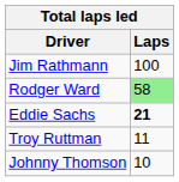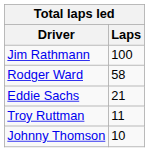 <table class="wikitable">
 <tr>
 <th colspan=2>Total laps led</th>
 </tr>
 <tr>
 <th>Driver</th>
 <th>Laps</th>
 </tr>
 <tr>
 <td><a href='#'>Jim Rathmann</a></td>
 <td>100</td>
 </tr>
 <tr>
 <td><a href='#'>Rodger Ward</a></td>
-<td style="background: lightgreen;">58</td>
+<td>58</td>
 </tr>
 <tr>
 <td><a href='#'>Eddie Sachs</a></td>
-<td><strong>21</strong></td>
+<td>21</td>
 </tr>
 <tr>
 <td><a href='#'>Troy Ruttman</a></td>
 <td>11</td>
 </tr>
 <tr>
 <td><a href='#'>Johnny Thomson</a></td>
 <td>10</td>
 </tr>
 </table>
